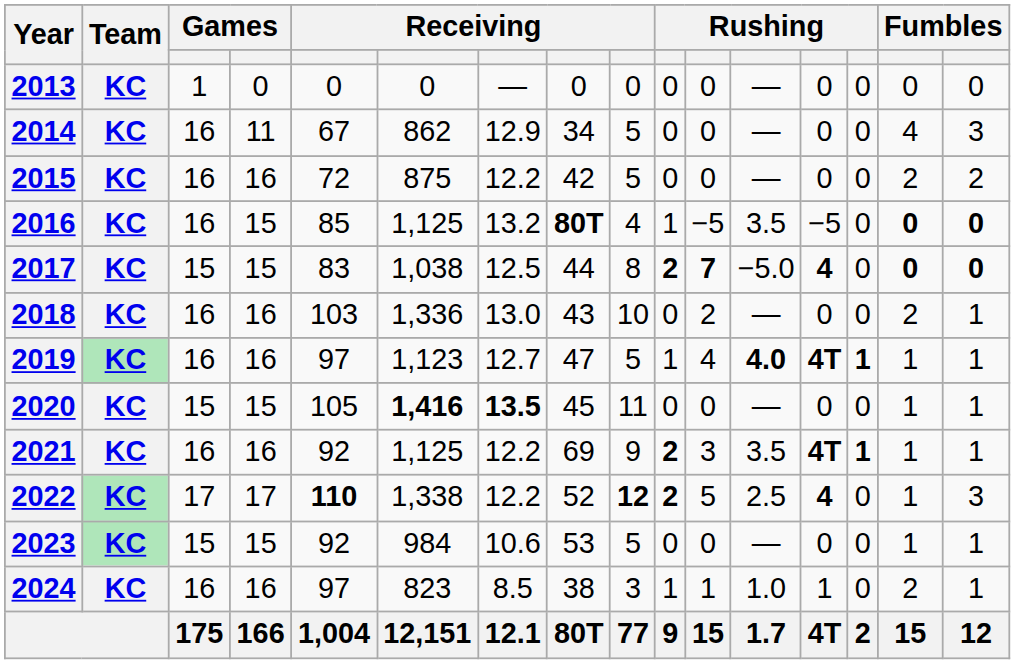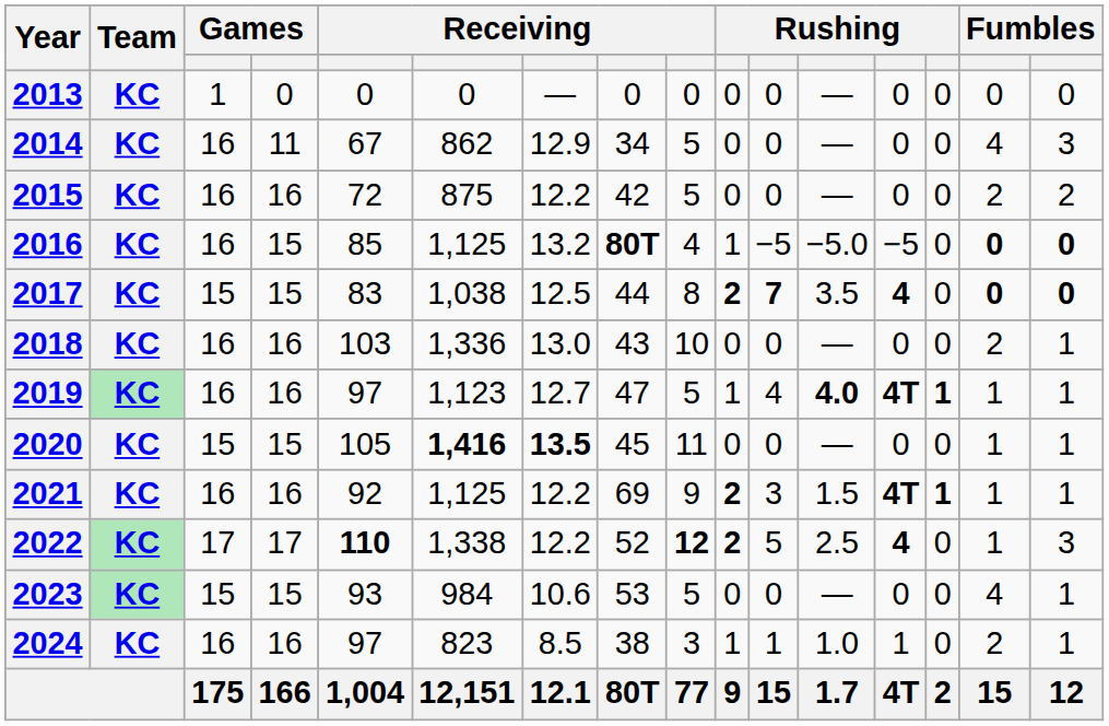 <table class=wikitable style="text-align:center;">
 <tr>
 <th rowspan="2">Year</th>
 <th rowspan="2">Team</th>
 <th colspan="2">Games</th>
 <th colspan="5">Receiving</th>
 <th colspan="5">Rushing</th>
 <th colspan="2">Fumbles</th>
 </tr>
 <tr>
 <th></th>
 <th></th>
 <th></th>
 <th></th>
 <th></th>
 <th></th>
 <th></th>
 <th></th>
 <th></th>
 <th></th>
 <th></th>
 <th></th>
 <th></th>
 <th></th>
 </tr>
 <tr>
 <th><a href='#'>2013</a></th>
 <th><a href='#'>KC</a></th>
 <td>1</td>
 <td>0</td>
 <td>0</td>
 <td>0</td>
 <td>—</td>
 <td>0</td>
 <td>0</td>
 <td>0</td>
 <td>0</td>
 <td>—</td>
 <td>0</td>
 <td>0</td>
 <td>0</td>
 <td>0</td>
 </tr>
 <tr>
 <th><a href='#'>2014</a></th>
 <th><a href='#'>KC</a></th>
 <td>16</td>
 <td>11</td>
 <td>67</td>
 <td>862</td>
 <td>12.9</td>
 <td>34</td>
 <td>5</td>
 <td>0</td>
 <td>0</td>
 <td>—</td>
 <td>0</td>
 <td>0</td>
 <td>4</td>
 <td>3</td>
 </tr>
 <tr>
 <th><a href='#'>2015</a></th>
 <th><a href='#'>KC</a></th>
 <td>16</td>
 <td>16</td>
 <td>72</td>
 <td>875</td>
 <td>12.2</td>
 <td>42</td>
 <td>5</td>
 <td>0</td>
 <td>0</td>
 <td>—</td>
 <td>0</td>
 <td>0</td>
 <td>2</td>
 <td>2</td>
 </tr>
 <tr>
 <th><a href='#'>2016</a></th>
 <th><a href='#'>KC</a></th>
 <td>16</td>
 <td>15</td>
 <td>85</td>
 <td>1,125</td>
 <td>13.2</td>
 <td><strong>80T</strong></td>
 <td>4</td>
 <td>1</td>
 <td>−5</td>
-<td>3.5</td>
+<td>−5.0</td>
 <td>−5</td>
 <td>0</td>
 <td><strong>0</strong></td>
 <td><strong>0</strong></td>
 </tr>
 <tr>
 <th><a href='#'>2017</a></th>
 <th><a href='#'>KC</a></th>
 <td>15</td>
 <td>15</td>
 <td>83</td>
 <td>1,038</td>
 <td>12.5</td>
 <td>44</td>
 <td>8</td>
 <td><strong>2</strong></td>
 <td><strong>7</strong></td>
-<td>−5.0</td>
+<td>3.5</td>
 <td><strong>4</strong></td>
 <td>0</td>
 <td><strong>0</strong></td>
 <td><strong>0</strong></td>
 </tr>
 <tr>
 <th><a href='#'>2018</a></th>
 <th><a href='#'>KC</a></th>
 <td>16</td>
 <td>16</td>
 <td>103</td>
 <td>1,336</td>
 <td>13.0</td>
 <td>43</td>
 <td>10</td>
 <td>0</td>
-<td>2</td>
+<td>0</td>
 <td>—</td>
 <td>0</td>
 <td>0</td>
 <td>2</td>
 <td>1</td>
 </tr>
 <tr>
 <th><a href='#'>2019</a></th>
 <th style="background:#afe6ba;"><a href='#'>KC</a></th>
 <td>16</td>
 <td>16</td>
 <td>97</td>
 <td>1,123</td>
 <td>12.7</td>
 <td>47</td>
 <td>5</td>
 <td>1</td>
 <td>4</td>
 <td><strong>4.0</strong></td>
 <td><strong>4T</strong></td>
 <td><strong>1</strong></td>
 <td>1</td>
 <td>1</td>
 </tr>
 <tr>
 <th><a href='#'>2020</a></th>
 <th><a href='#'>KC</a></th>
 <td>15</td>
 <td>15</td>
 <td>105</td>
 <td><strong>1,416</strong></td>
 <td><strong>13.5</strong></td>
 <td>45</td>
 <td>11</td>
 <td>0</td>
 <td>0</td>
 <td>—</td>
 <td>0</td>
 <td>0</td>
 <td>1</td>
 <td>1</td>
 </tr>
 <tr>
 <th><a href='#'>2021</a></th>
 <th><a href='#'>KC</a></th>
 <td>16</td>
 <td>16</td>
 <td>92</td>
 <td>1,125</td>
 <td>12.2</td>
 <td>69</td>
 <td>9</td>
 <td><strong>2</strong></td>
 <td>3</td>
-<td>3.5</td>
+<td>1.5</td>
 <td><strong>4T</strong></td>
 <td><strong>1</strong></td>
 <td>1</td>
 <td>1</td>
 </tr>
 <tr>
 <th><a href='#'>2022</a></th>
 <th style="background:#afe6ba;"><a href='#'>KC</a></th>
 <td>17</td>
 <td>17</td>
 <td><strong>110</strong></td>
 <td>1,338</td>
 <td>12.2</td>
 <td>52</td>
 <td><strong>12</strong></td>
 <td><strong>2</strong></td>
 <td>5</td>
 <td>2.5</td>
 <td><strong>4</strong></td>
 <td>0</td>
 <td>1</td>
 <td>3</td>
 </tr>
 <tr>
 <th><a href='#'>2023</a></th>
 <th style="background:#afe6ba;"><a href='#'>KC</a></th>
 <td>15</td>
 <td>15</td>
-<td>92</td>
+<td>93</td>
 <td>984</td>
 <td>10.6</td>
 <td>53</td>
 <td>5</td>
 <td>0</td>
 <td>0</td>
 <td>—</td>
 <td>0</td>
 <td>0</td>
-<td>1</td>
+<td>4</td>
 <td>1</td>
 </tr>
 <tr>
 <th><a href='#'>2024</a></th>
 <th><a href='#'>KC</a></th>
 <td>16</td>
 <td>16</td>
 <td>97</td>
 <td>823</td>
 <td>8.5</td>
 <td>38</td>
 <td>3</td>
 <td>1</td>
 <td>1</td>
 <td>1.0</td>
 <td>1</td>
 <td>0</td>
 <td>2</td>
 <td>1</td>
 </tr>
 <tr>
 <th colspan="2"></th>
 <th>175</th>
 <th>166</th>
 <th>1,004</th>
 <th>12,151</th>
 <th>12.1</th>
 <th>80T</th>
 <th>77</th>
 <th>9</th>
 <th>15</th>
 <th>1.7</th>
 <th>4T</th>
 <th>2</th>
 <th>15</th>
 <th>12</th>
 </tr>
 </table>
